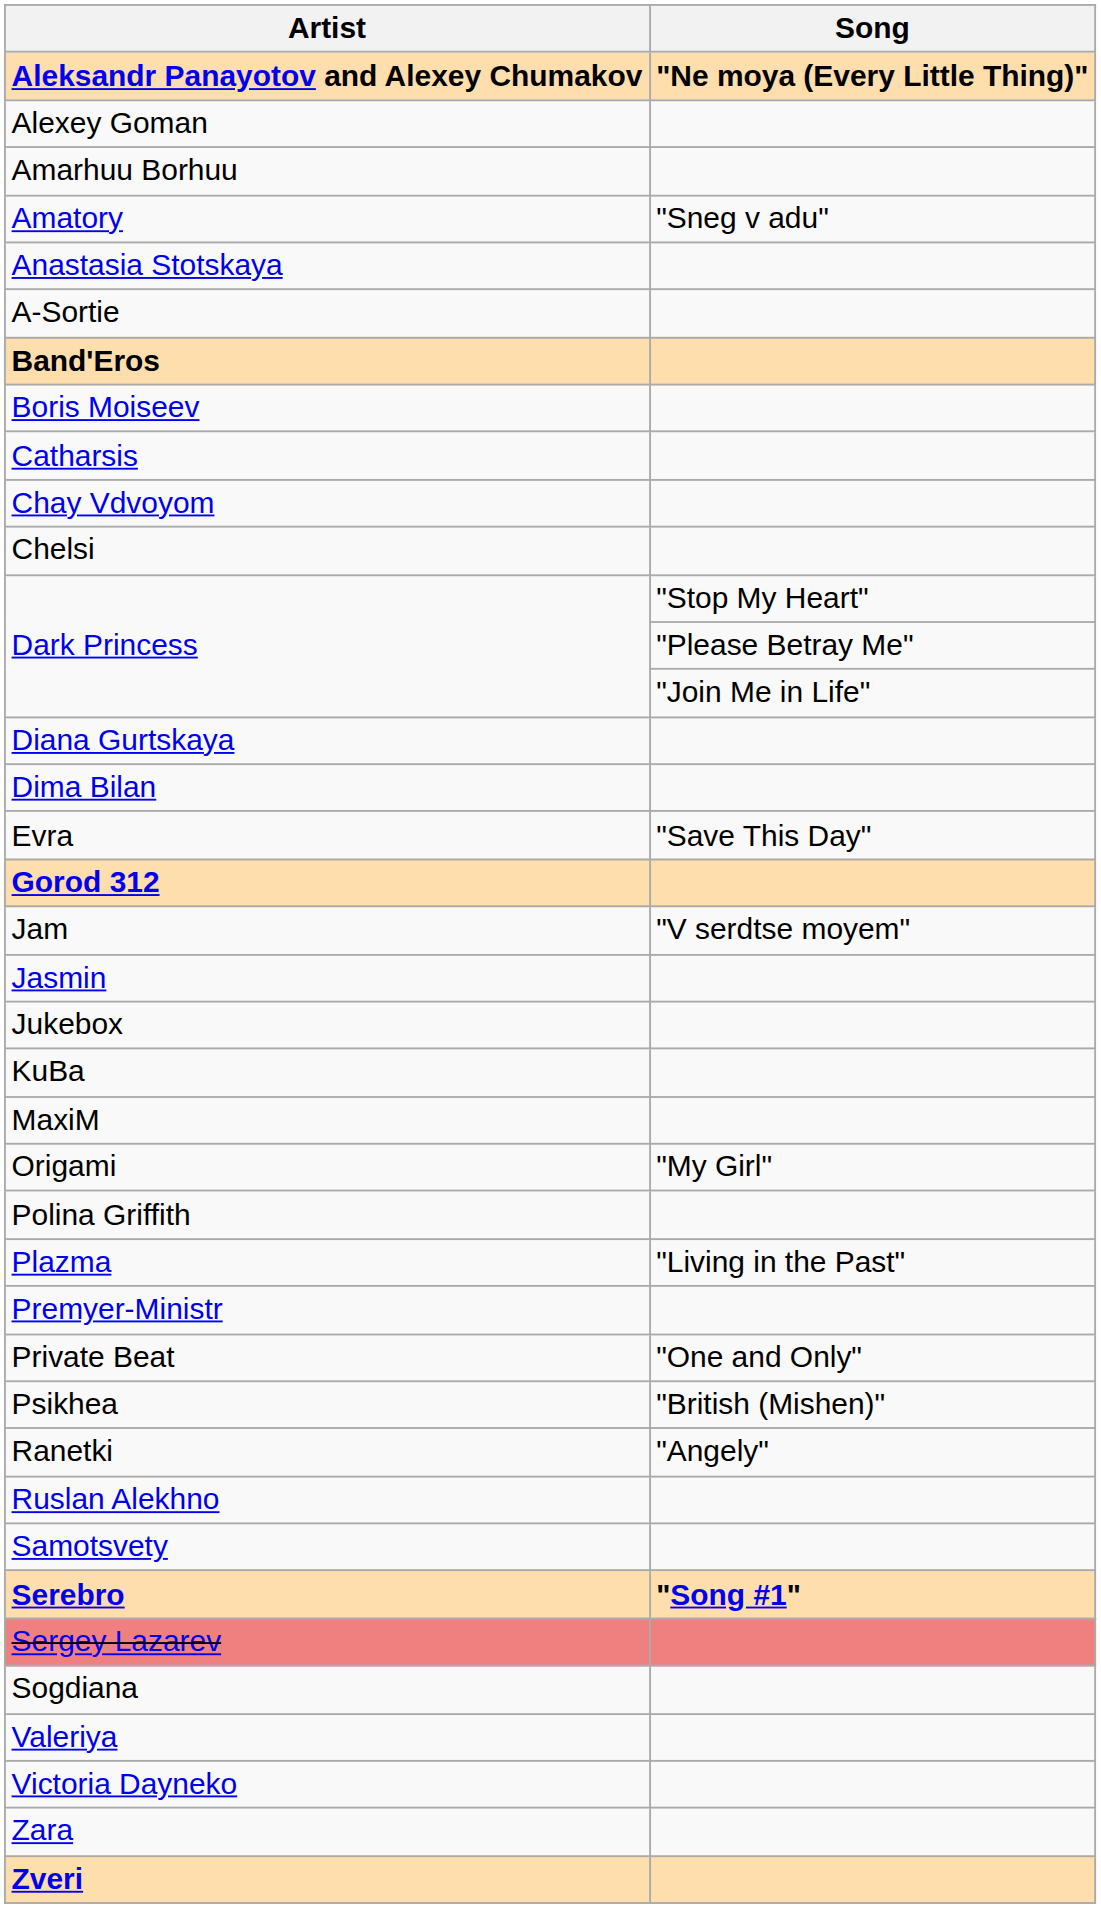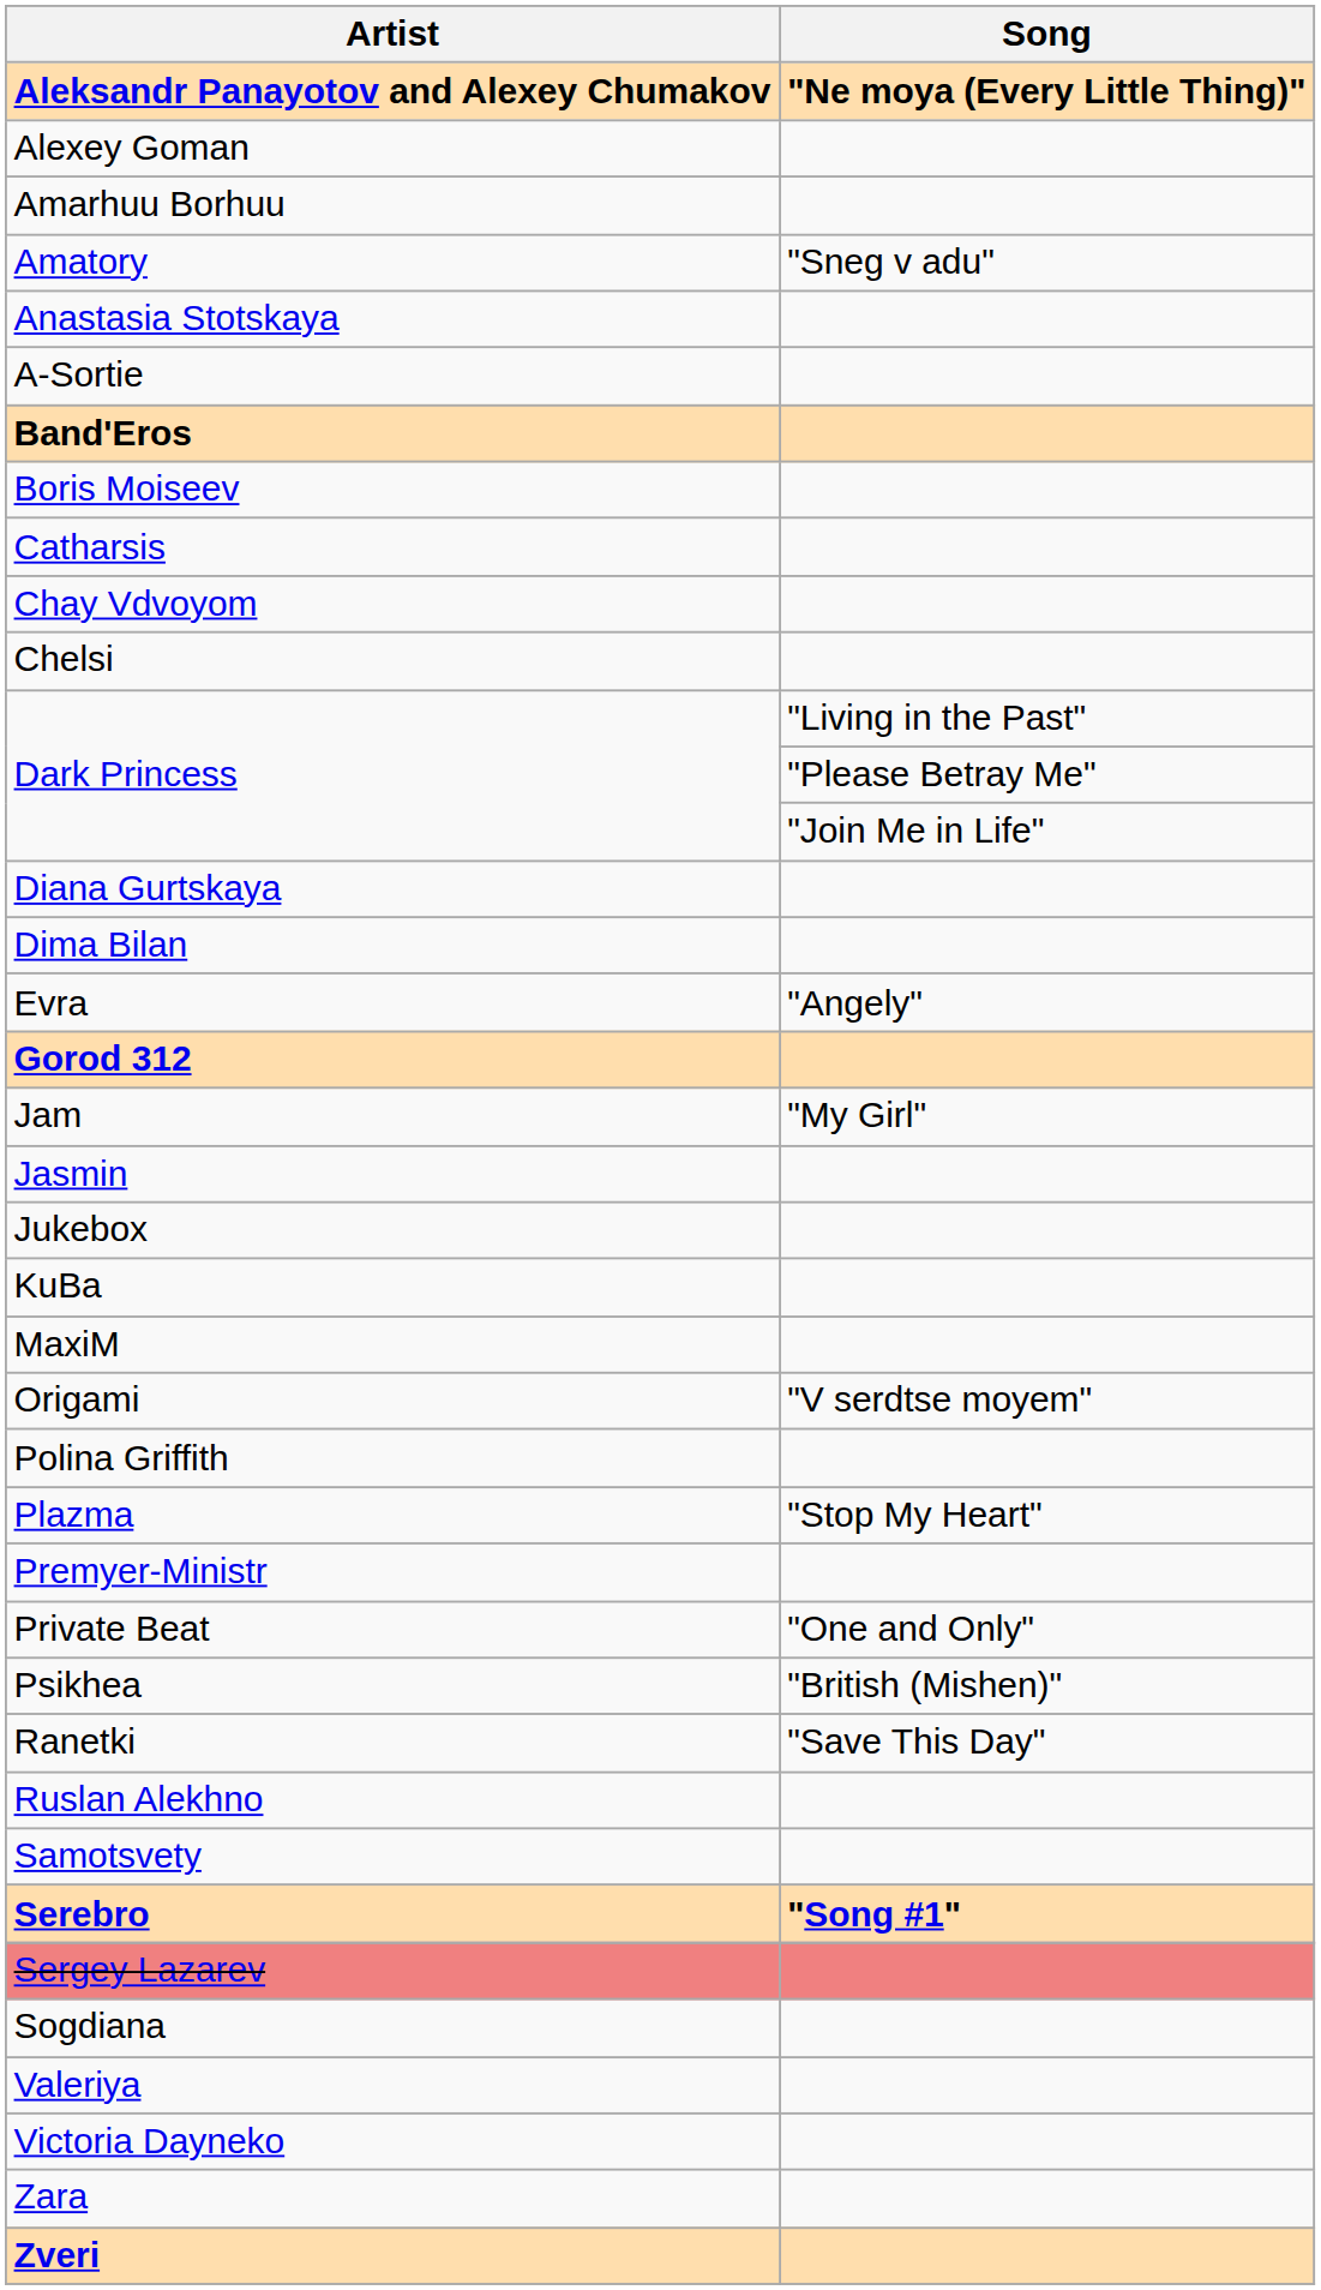 <table class="wikitable collapsible" style="margin: 1em auto 1em auto">
 <tr>
 <th>Artist</th>
 <th>Song</th>
 </tr>
 <tr style="background:navajowhite;">
 <td><strong><a href='#'>Aleksandr Panayotov</a> and Alexey Chumakov</strong></td>
 <td><strong>"Ne moya (Every Little Thing)" </strong></td>
 </tr>
 <tr>
 <td>Alexey Goman</td>
 <td></td>
 </tr>
 <tr>
 <td>Amarhuu Borhuu</td>
 <td></td>
 </tr>
 <tr>
 <td><a href='#'>Amatory</a></td>
 <td>"Sneg v adu" </td>
 </tr>
 <tr>
 <td><a href='#'>Anastasia Stotskaya</a></td>
 <td></td>
 </tr>
 <tr>
 <td>A-Sortie</td>
 <td></td>
 </tr>
 <tr style="background:navajowhite;">
 <td><strong>Band'Eros</strong></td>
 <td></td>
 </tr>
 <tr>
 <td><a href='#'>Boris Moiseev</a></td>
 <td></td>
 </tr>
 <tr>
 <td><a href='#'>Catharsis</a></td>
 <td></td>
 </tr>
 <tr>
 <td><a href='#'>Chay Vdvoyom</a></td>
 <td></td>
 </tr>
 <tr>
 <td>Chelsi</td>
 <td></td>
 </tr>
 <tr>
 <td rowspan="3"><a href='#'>Dark Princess</a></td>
-<td>"Stop My Heart"</td>
+<td>"Living in the Past"</td>
 </tr>
 <tr>
 <td>"Please Betray Me"</td>
 </tr>
 <tr>
 <td>"Join Me in Life"</td>
 </tr>
 <tr>
 <td><a href='#'>Diana Gurtskaya</a></td>
 <td></td>
 </tr>
 <tr>
 <td><a href='#'>Dima Bilan</a></td>
 <td></td>
 </tr>
 <tr>
 <td>Evra</td>
-<td>"Save This Day"</td>
+<td>"Angely" </td>
 </tr>
 <tr style="background:navajowhite;">
 <td><strong><a href='#'>Gorod 312</a></strong></td>
 <td></td>
 </tr>
 <tr>
 <td>Jam</td>
-<td>"V serdtse moyem" </td>
+<td>"My Girl"</td>
 </tr>
 <tr>
 <td><a href='#'>Jasmin</a></td>
 <td></td>
 </tr>
 <tr>
 <td>Jukebox</td>
 <td></td>
 </tr>
 <tr>
 <td>KuBa</td>
 <td></td>
 </tr>
 <tr>
 <td>MaxiM</td>
 <td></td>
 </tr>
 <tr>
 <td>Origami</td>
-<td>"My Girl"</td>
+<td>"V serdtse moyem" </td>
 </tr>
 <tr>
 <td>Polina Griffith</td>
 <td></td>
 </tr>
 <tr>
 <td><a href='#'>Plazma</a></td>
-<td>"Living in the Past"</td>
+<td>"Stop My Heart"</td>
 </tr>
 <tr>
 <td><a href='#'>Premyer-Ministr</a></td>
 <td></td>
 </tr>
 <tr>
 <td>Private Beat</td>
 <td>"One and Only"</td>
 </tr>
 <tr>
 <td>Psikhea</td>
 <td>"British (Mishen)" </td>
 </tr>
 <tr>
 <td>Ranetki</td>
-<td>"Angely" </td>
+<td>"Save This Day"</td>
 </tr>
 <tr>
 <td><a href='#'>Ruslan Alekhno</a></td>
 <td></td>
 </tr>
 <tr>
 <td><a href='#'>Samotsvety</a></td>
 <td></td>
 </tr>
 <tr style="background:navajowhite;">
 <td><strong><a href='#'>Serebro</a></strong></td>
 <td><strong>"<a href='#'>Song #1</a>"</strong></td>
 </tr>
 <tr>
 </tr>
 <tr style="font-weight; background:#F08080;">
 <td><s><a href='#'>Sergey Lazarev</a></s></td>
 <td></td>
 </tr>
 <tr>
 <td>Sogdiana</td>
 <td></td>
 </tr>
 <tr>
 <td><a href='#'>Valeriya</a></td>
 <td></td>
 </tr>
 <tr>
 <td><a href='#'>Victoria Dayneko</a></td>
 <td></td>
 </tr>
 <tr>
 <td><a href='#'>Zara</a></td>
 <td></td>
 </tr>
 <tr style="background:navajowhite;">
 <td><strong><a href='#'>Zveri</a></strong></td>
 <td></td>
 </tr>
 </table>
